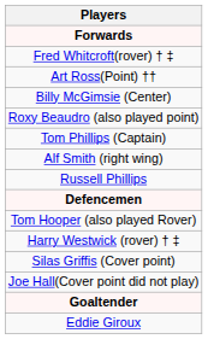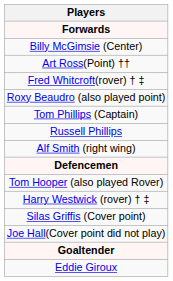 <table class="wikitable" style="text-align:center;">
 <tr>
 <th>Players</th>
 </tr>
 <tr style="font-weight:bold; background-color:#FFF5F5;">
 <td colspan="1" align="center"><strong>Forwards</strong></td>
 </tr>
 <tr>
-<td><a href='#'>Fred Whitcroft</a>(rover) † ‡</td>
+<td><a href='#'>Billy McGimsie</a> (Center)</td>
 </tr>
 <tr>
 <td><a href='#'>Art Ross</a>(Point) ††</td>
 </tr>
 <tr>
-<td><a href='#'>Billy McGimsie</a> (Center)</td>
+<td><a href='#'>Fred Whitcroft</a>(rover) † ‡</td>
 </tr>
 <tr>
 <td><a href='#'>Roxy Beaudro</a> (also played point)</td>
 </tr>
 <tr>
 <td><a href='#'>Tom Phillips</a> (Captain)</td>
 </tr>
 <tr>
-<td><a href='#'>Alf Smith</a> (right wing)</td>
+<td><a href='#'>Russell Phillips</a></td>
 </tr>
 <tr>
-<td><a href='#'>Russell Phillips</a></td>
+<td><a href='#'>Alf Smith</a> (right wing)</td>
 </tr>
 <tr style="font-weight:bold; background-color:#FFF5F5;">
 <td colspan="1" align="center"><strong>Defencemen</strong></td>
 </tr>
 <tr>
 <td><a href='#'>Tom Hooper</a> (also played Rover)</td>
 </tr>
 <tr>
 <td><a href='#'>Harry Westwick</a> (rover) † ‡</td>
 </tr>
 <tr>
 <td><a href='#'>Silas Griffis</a> (Cover point)</td>
 </tr>
 <tr>
 <td><a href='#'>Joe Hall</a>(Cover point did not play)</td>
 </tr>
 <tr style="font-weight:bold; background-color:#FFF5F5;">
 <td colspan="1" align="center"><strong>Goaltender</strong></td>
 </tr>
 <tr>
 <td><a href='#'>Eddie Giroux</a></td>
 </tr>
 </table>
